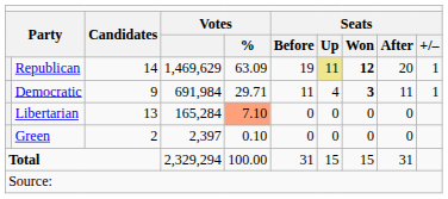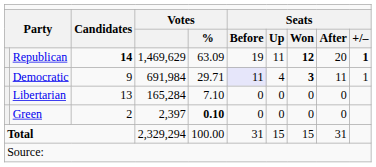 <table class="wikitable">
 <tr>
 <td colspan=15 align=center></td>
 </tr>
 <tr>
 <th rowspan="2" colspan="2">Party</th>
 <th rowspan="2">Candidates</th>
 <th colspan="2">Votes</th>
 <th colspan="5">Seats</th>
 </tr>
 <tr>
 <th></th>
 <th>%</th>
 <th>Before</th>
 <th>Up</th>
 <th>Won</th>
 <th>After</th>
 <th>+/–</th>
 </tr>
 <tr>
 <th style="background-color:"></th>
 <td><a href='#'>Republican</a></td>
-<td align="right">14</td>
+<td align="right"><strong>14</strong></td>
 <td align="right">1,469,629</td>
 <td align="right">63.09</td>
 <td align="right">19</td>
-<td align="right" style="background: khaki;">11</td>
+<td align="right">11</td>
 <td align="right"><strong>12</strong></td>
 <td align="right">20</td>
-<td align="right">1</td>
+<td align="right"><strong>1</strong></td>
 </tr>
 <tr>
 <th style="background-color:"></th>
 <td><a href='#'>Democratic</a></td>
 <td align="right">9</td>
 <td align="right">691,984</td>
 <td align="right">29.71</td>
-<td align="right">11</td>
+<td align="right" style="background: lavender;">11</td>
 <td align="right">4</td>
 <td align="right"><strong>3</strong></td>
 <td align="right">11</td>
 <td align="right">1</td>
 </tr>
 <tr>
 <th style="background-color:"></th>
 <td><a href='#'>Libertarian</a></td>
 <td align="right">13</td>
 <td align="right">165,284</td>
-<td align="right" style="background: lightsalmon;">7.10</td>
+<td align="right">7.10</td>
 <td align="right">0</td>
 <td align="right">0</td>
 <td align="right">0</td>
 <td align="right">0</td>
 <td align="right"></td>
 </tr>
 <tr>
 <th style="background-color:"></th>
 <td><a href='#'>Green</a></td>
 <td align="right">2</td>
 <td align="right">2,397</td>
-<td align="right">0.10</td>
+<td align="right"><strong>0.10</strong></td>
 <td align="right">0</td>
 <td align="right">0</td>
 <td align="right">0</td>
 <td align="right">0</td>
 <td align="right"></td>
 </tr>
 <tr>
 <td colspan="3" align="left"><strong>Total</strong></td>
 <td align="right">2,329,294</td>
 <td align="right">100.00</td>
 <td align="right">31</td>
 <td align="right">15</td>
 <td align="right">15</td>
 <td align="right">31</td>
 <td align="right"></td>
 </tr>
 <tr>
 <td colspan="10">Source:</td>
 </tr>
 </table>
